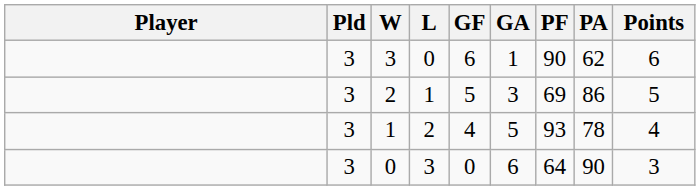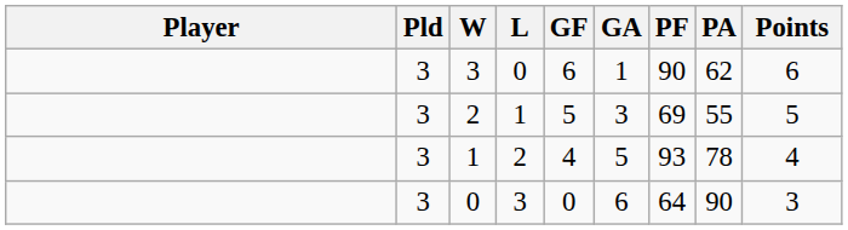 <table class=wikitable style="text-align:center">
 <tr>
 <th width=220>Player</th>
 <th width=20>Pld</th>
 <th width=20>W</th>
 <th width=20>L</th>
 <th width=20>GF</th>
 <th width=20>GA</th>
 <th width=20>PF</th>
 <th width=20>PA</th>
 <th width=50>Points</th>
 </tr>
 <tr>
 <td align=left></td>
 <td>3</td>
 <td>3</td>
 <td>0</td>
 <td>6</td>
 <td>1</td>
 <td>90</td>
 <td>62</td>
 <td>6</td>
 </tr>
 <tr>
 <td align=left></td>
 <td>3</td>
 <td>2</td>
 <td>1</td>
 <td>5</td>
 <td>3</td>
 <td>69</td>
-<td>86</td>
+<td>55</td>
 <td>5</td>
 </tr>
 <tr>
 <td align=left></td>
 <td>3</td>
 <td>1</td>
 <td>2</td>
 <td>4</td>
 <td>5</td>
 <td>93</td>
 <td>78</td>
 <td>4</td>
 </tr>
 <tr>
 <td align=left></td>
 <td>3</td>
 <td>0</td>
 <td>3</td>
 <td>0</td>
 <td>6</td>
 <td>64</td>
 <td>90</td>
 <td>3</td>
 </tr>
 </table>
